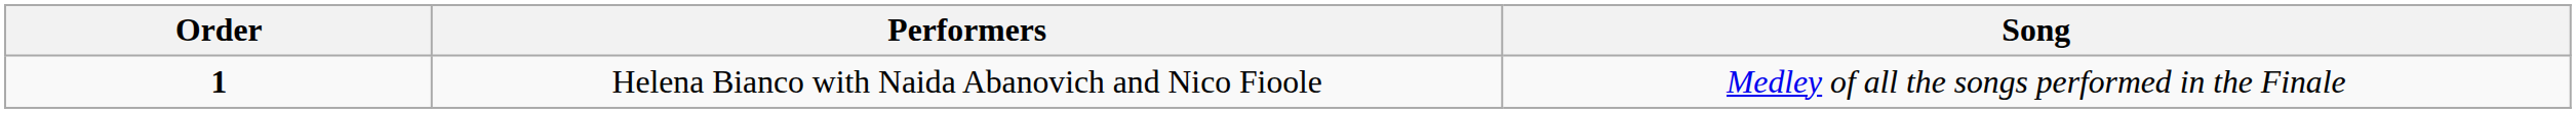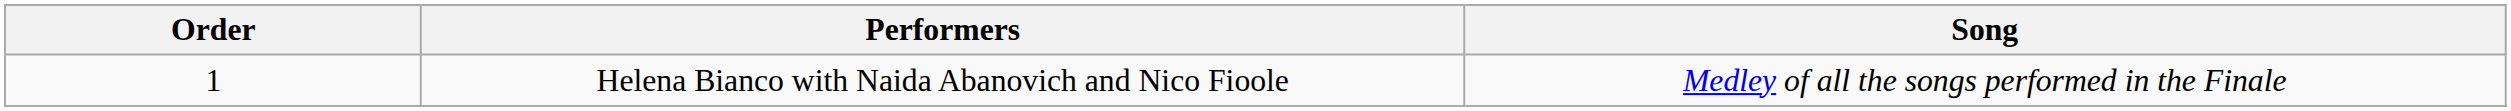 <table class="wikitable" style="text-align:center; width:100%">
 <tr>
 <th style="width:04%">Order</th>
 <th style="width:10%">Performers</th>
 <th style="width:10%">Song</th>
 </tr>
 <tr>
-<td><strong>1</strong></td>
+<td>1</td>
 <td>Helena Bianco with Naida Abanovich and Nico Fioole</td>
 <td><em><a href='#'>Medley</a> of all the songs performed in the Finale</em></td>
 </tr>
 </table>
